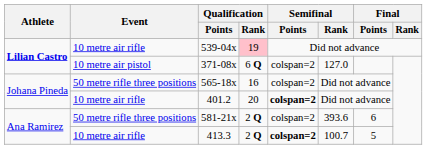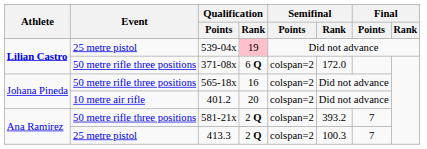 <table class="wikitable" style="font-size:90%">
 <tr>
 <th rowspan="2">Athlete</th>
 <th rowspan="2">Event</th>
 <th colspan=2>Qualification</th>
 <th colspan=2>Semifinal</th>
 <th colspan=2>Final</th>
 </tr>
 <tr style="font-size:95%">
 <th>Points</th>
 <th>Rank</th>
 <th>Points</th>
 <th>Rank</th>
 <th>Points</th>
 <th>Rank</th>
 </tr>
 <tr align=center>
 <td align=left rowspan=2><strong><a href='#'>Lilian Castro</a></strong></td>
-<td align=left><a href='#'>10 metre air rifle</a></td>
+<td align=left><a href='#'>25 metre pistol</a></td>
 <td>539-04x</td>
 <td style="background: pink;">19</td>
 <td colspan=4>Did not advance</td>
 </tr>
 <tr align=center>
-<td align=left><a href='#'>10 metre air pistol</a></td>
+<td align=left><a href='#'>50 metre rifle three positions</a></td>
 <td>371-08x</td>
 <td>6 <strong>Q</strong></td>
 <td>colspan=2 </td>
-<td>127.0</td>
+<td>172.0</td>
 <td></td>
 </tr>
 <tr align=center>
 <td align=left rowspan=2><a href='#'>Johana Pineda</a></td>
 <td align=left><a href='#'>50 metre rifle three positions</a></td>
 <td>565-18x</td>
 <td>16</td>
 <td>colspan=2 </td>
 <td colspan=2>Did not advance</td>
 </tr>
 <tr align=center>
 <td align=left><a href='#'>10 metre air rifle</a></td>
 <td>401.2</td>
 <td>20</td>
-<td><strong>colspan=2 </strong></td>
+<td>colspan=2 </td>
 <td colspan=2>Did not advance</td>
 </tr>
 <tr align=center>
 <td align=left rowspan=2><a href='#'>Ana Ramirez</a></td>
 <td align=left><a href='#'>50 metre rifle three positions</a></td>
 <td>581-21x</td>
 <td>2 <strong>Q</strong></td>
 <td>colspan=2 </td>
-<td>393.6</td>
-<td>6</td>
+<td>393.2</td>
+<td>7</td>
 </tr>
 <tr align=center>
-<td align=left><a href='#'>10 metre air rifle</a></td>
+<td align=left><a href='#'>25 metre pistol</a></td>
 <td>413.3</td>
 <td>2 <strong>Q</strong></td>
-<td><strong>colspan=2 </strong></td>
-<td>100.7</td>
-<td>5</td>
+<td>colspan=2 </td>
+<td>100.3</td>
+<td>7</td>
 </tr>
 </table>
